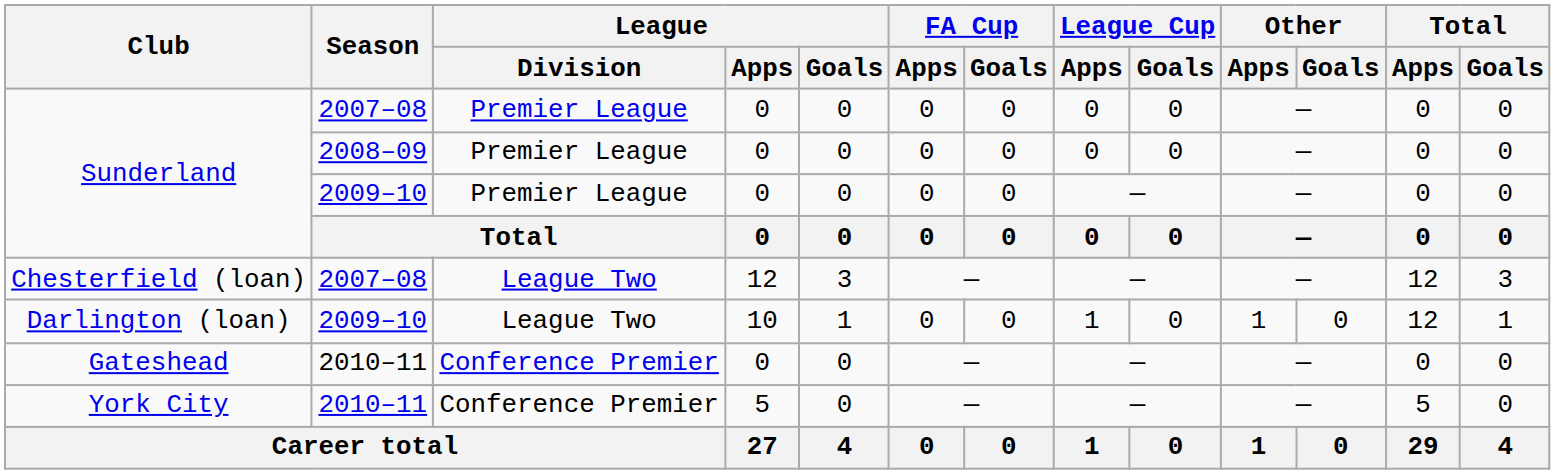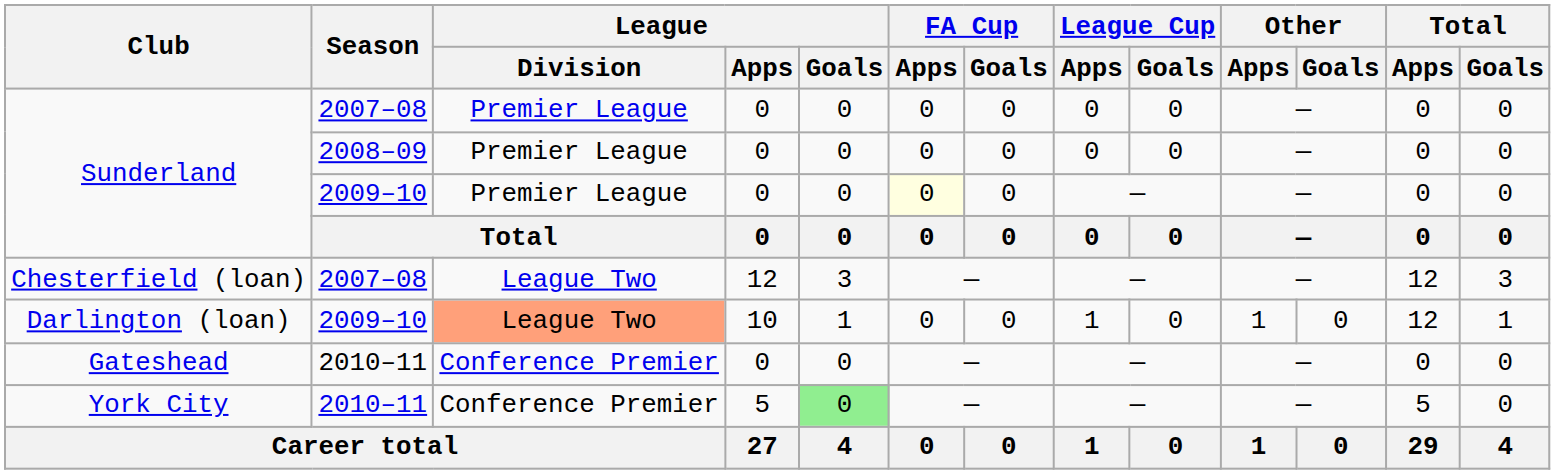 <table class=wikitable style="text-align: center;">
 <tr>
 <th rowspan=2>Club</th>
 <th rowspan=2>Season</th>
 <th colspan=3>League</th>
 <th colspan=2><a href='#'>FA Cup</a></th>
 <th colspan=2><a href='#'>League Cup</a></th>
 <th colspan=2>Other</th>
 <th colspan=2>Total</th>
 </tr>
 <tr>
 <th>Division</th>
 <th>Apps</th>
 <th>Goals</th>
 <th>Apps</th>
 <th>Goals</th>
 <th>Apps</th>
 <th>Goals</th>
 <th>Apps</th>
 <th>Goals</th>
 <th>Apps</th>
 <th>Goals</th>
 </tr>
 <tr>
 <td rowspan=4><a href='#'>Sunderland</a></td>
 <td><a href='#'>2007–08</a></td>
 <td><a href='#'>Premier League</a></td>
 <td>0</td>
 <td>0</td>
 <td>0</td>
 <td>0</td>
 <td>0</td>
 <td>0</td>
 <td colspan=2>—</td>
 <td>0</td>
 <td>0</td>
 </tr>
 <tr>
 <td><a href='#'>2008–09</a></td>
 <td>Premier League</td>
 <td>0</td>
 <td>0</td>
 <td>0</td>
 <td>0</td>
 <td>0</td>
 <td>0</td>
 <td colspan=2>—</td>
 <td>0</td>
 <td>0</td>
 </tr>
 <tr>
 <td><a href='#'>2009–10</a></td>
 <td>Premier League</td>
 <td>0</td>
 <td>0</td>
-<td>0</td>
+<td style="background: lightyellow;">0</td>
 <td>0</td>
 <td colspan=2>—</td>
 <td colspan=2>—</td>
 <td>0</td>
 <td>0</td>
 </tr>
 <tr>
 <th colspan=2>Total</th>
 <th>0</th>
 <th>0</th>
 <th>0</th>
 <th>0</th>
 <th>0</th>
 <th>0</th>
 <th colspan=2>—</th>
 <th>0</th>
 <th>0</th>
 </tr>
 <tr>
 <td><a href='#'>Chesterfield</a> (loan)</td>
 <td><a href='#'>2007–08</a></td>
 <td><a href='#'>League Two</a></td>
 <td>12</td>
 <td>3</td>
 <td colspan=2>—</td>
 <td colspan=2>—</td>
 <td colspan=2>—</td>
 <td>12</td>
 <td>3</td>
 </tr>
 <tr>
 <td><a href='#'>Darlington</a> (loan)</td>
 <td><a href='#'>2009–10</a></td>
-<td>League Two</td>
+<td style="background: lightsalmon;">League Two</td>
 <td>10</td>
 <td>1</td>
 <td>0</td>
 <td>0</td>
 <td>1</td>
 <td>0</td>
 <td>1</td>
 <td>0</td>
 <td>12</td>
 <td>1</td>
 </tr>
 <tr>
 <td><a href='#'>Gateshead</a></td>
 <td>2010–11</td>
 <td><a href='#'>Conference Premier</a></td>
 <td>0</td>
 <td>0</td>
 <td colspan=2>—</td>
 <td colspan=2>—</td>
 <td colspan=2>—</td>
 <td>0</td>
 <td>0</td>
 </tr>
 <tr>
 <td><a href='#'>York City</a></td>
 <td><a href='#'>2010–11</a></td>
 <td>Conference Premier</td>
 <td>5</td>
-<td>0</td>
+<td style="background: lightgreen;">0</td>
 <td colspan=2>—</td>
 <td colspan=2>—</td>
 <td colspan=2>—</td>
 <td>5</td>
 <td>0</td>
 </tr>
 <tr>
 <th colspan=3>Career total</th>
 <th>27</th>
 <th>4</th>
 <th>0</th>
 <th>0</th>
 <th>1</th>
 <th>0</th>
 <th>1</th>
 <th>0</th>
 <th>29</th>
 <th>4</th>
 </tr>
 </table>
